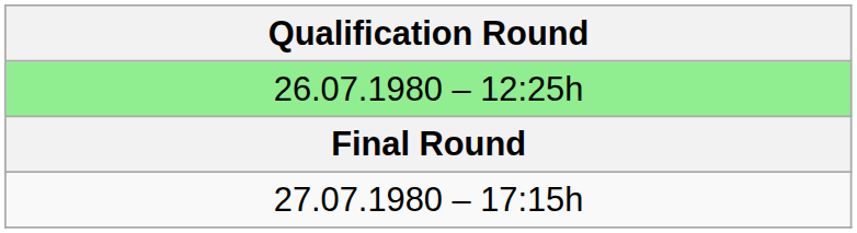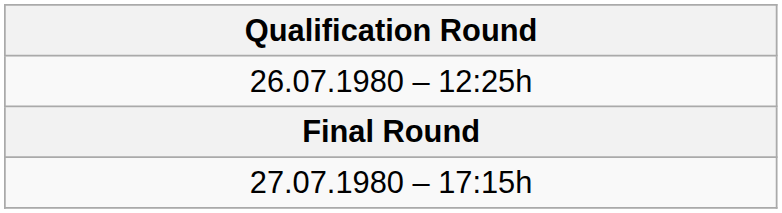 <table class="wikitable" style=" text-align:center; font-size:110%;" width="35%">
 <tr>
 <th colspan="2">Qualification Round</th>
 </tr>
 <tr>
-<td style="background: lightgreen;">26.07.1980 – 12:25h</td>
+<td>26.07.1980 – 12:25h</td>
 </tr>
 <tr>
 <th colspan="2">Final Round</th>
 </tr>
 <tr>
 <td colspan="2">27.07.1980 – 17:15h</td>
 </tr>
 </table>
